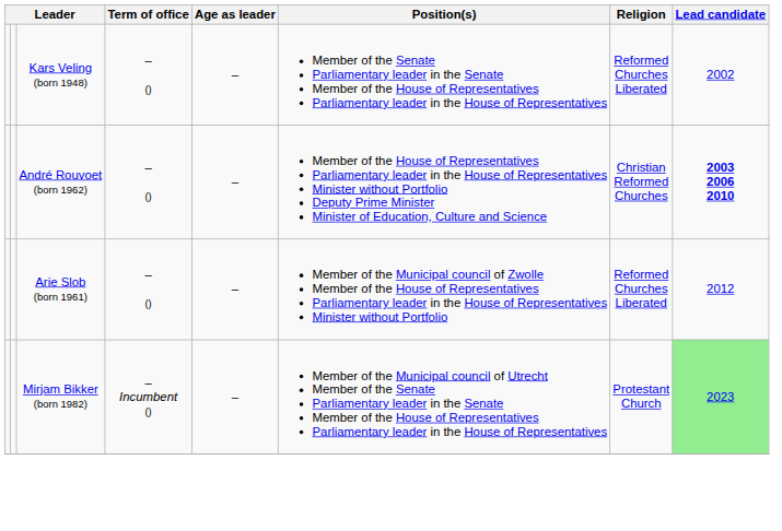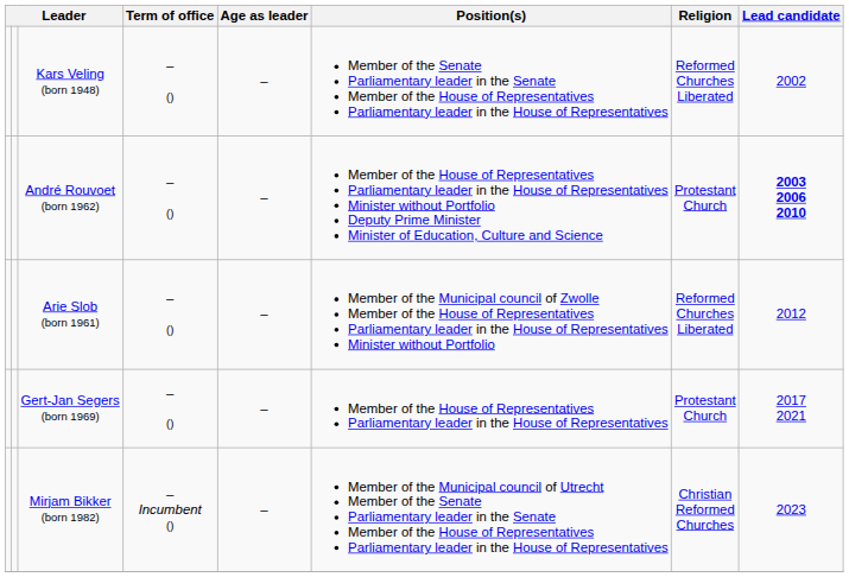 <table class="wikitable" style="text-align:center">
 <tr>
 <th colspan=3>Leader</th>
 <th>Term of office</th>
 <th>Age as leader</th>
 <th>Position(s)</th>
 <th>Religion</th>
 <th><a href='#'>Lead candidate</a></th>
 </tr>
 <tr>
 <td style="background:"></td>
 <td></td>
 <td><a href='#'>Kars Veling</a> <br> <small>(born 1948)</small></td>
 <td> – <br>  <br> <small>()</small>  <br> </td>
 <td>–</td>
 <td style="text-align:left"><br><ul><li>Member of the <a href='#'>Senate</a> </li><li><a href='#'>Parliamentary leader</a> in the <a href='#'>Senate</a> </li><li>Member of the <a href='#'>House of Representatives</a> </li><li><a href='#'>Parliamentary leader</a> in the <a href='#'>House of Representatives</a> </li></ul></td>
 <td><a href='#'>Reformed <br> Churches <br> Liberated</a></td>
 <td><a href='#'>2002</a></td>
 </tr>
 <tr>
 <td style="background:"></td>
 <td></td>
 <td><a href='#'>André Rouvoet</a> <br> <small>(born 1962)</small></td>
 <td> – <br>  <br> <small>()</small>  <br> </td>
 <td>–</td>
 <td style="text-align:left"><br><ul><li>Member of the <a href='#'>House of Representatives</a> </li><li><a href='#'>Parliamentary leader</a> in the <a href='#'>House of Representatives</a> </li><li><a href='#'>Minister without Portfolio</a> </li><li><a href='#'>Deputy Prime Minister</a> </li><li><a href='#'>Minister of Education, Culture and Science</a> </li></ul></td>
-<td><a href='#'>Christian <br> Reformed <br> Churches</a></td>
+<td><a href='#'>Protestant <br> Church</a> <br> </td>
 <td><strong><a href='#'>2003</a> <br> <a href='#'>2006</a> <br> <a href='#'>2010</a></strong></td>
 </tr>
 <tr>
 <td style="background:"></td>
 <td></td>
 <td><a href='#'>Arie Slob</a> <br> <small>(born 1961)</small></td>
 <td> – <br>  <br> <small>()</small>  <br> </td>
 <td>–</td>
 <td style="text-align:left"><br><ul><li>Member of the <a href='#'>Municipal council</a> of <a href='#'>Zwolle</a> </li><li>Member of the <a href='#'>House of Representatives</a> </li><li><a href='#'>Parliamentary leader</a> in the <a href='#'>House of Representatives</a> </li><li><a href='#'>Minister without Portfolio</a> </li></ul></td>
 <td><a href='#'>Reformed <br> Churches <br> Liberated</a></td>
 <td><a href='#'>2012</a></td>
 </tr>
 <tr>
 <td style="background:"></td>
 <td></td>
+<td><a href='#'>Gert-Jan Segers</a> <br> <small>(born 1969)</small></td>
+<td> – <br>  <br> <small>()</small>  <br> </td>
+<td>–</td>
+<td style="text-align:left"><br><ul><li>Member of the <a href='#'>House of Representatives</a> </li><li><a href='#'>Parliamentary leader</a> in the <a href='#'>House of Representatives</a> </li></ul></td>
+<td><a href='#'>Protestant <br> Church</a></td>
+<td><a href='#'>2017</a> <br> <a href='#'>2021</a></td>
+</tr>
+<tr>
+<td style="background:"></td>
+<td></td>
 <td><a href='#'>Mirjam Bikker</a> <br> <small>(born 1982)</small></td>
 <td> – <br> <em>Incumbent</em> <br> <small>()</small> </td>
 <td>–<em></em></td>
 <td style="text-align:left"><br><ul><li>Member of the <a href='#'>Municipal council</a> of <a href='#'>Utrecht</a> </li><li>Member of the <a href='#'>Senate</a> </li><li><a href='#'>Parliamentary leader</a> in the <a href='#'>Senate</a> </li><li>Member of the <a href='#'>House of Representatives</a> </li><li><a href='#'>Parliamentary leader</a> in the <a href='#'>House of Representatives</a> </li></ul></td>
-<td><a href='#'>Protestant <br> Church</a> <br> </td>
-<td style="background: lightgreen;"><a href='#'>2023</a></td>
+<td><a href='#'>Christian <br> Reformed <br> Churches</a></td>
+<td><a href='#'>2023</a></td>
 </tr>
 <tr>
 </tr>
 </table>
